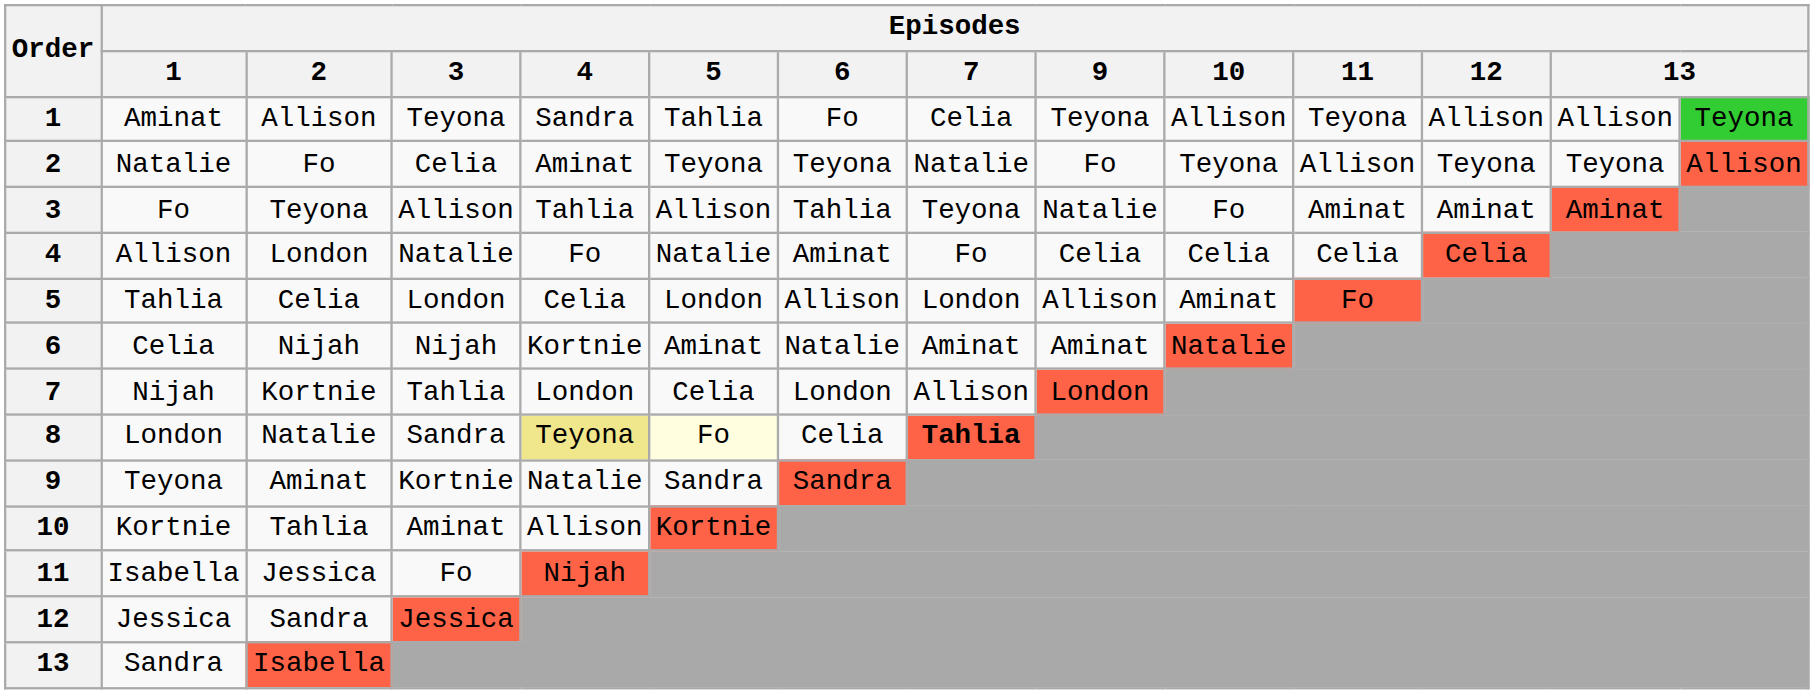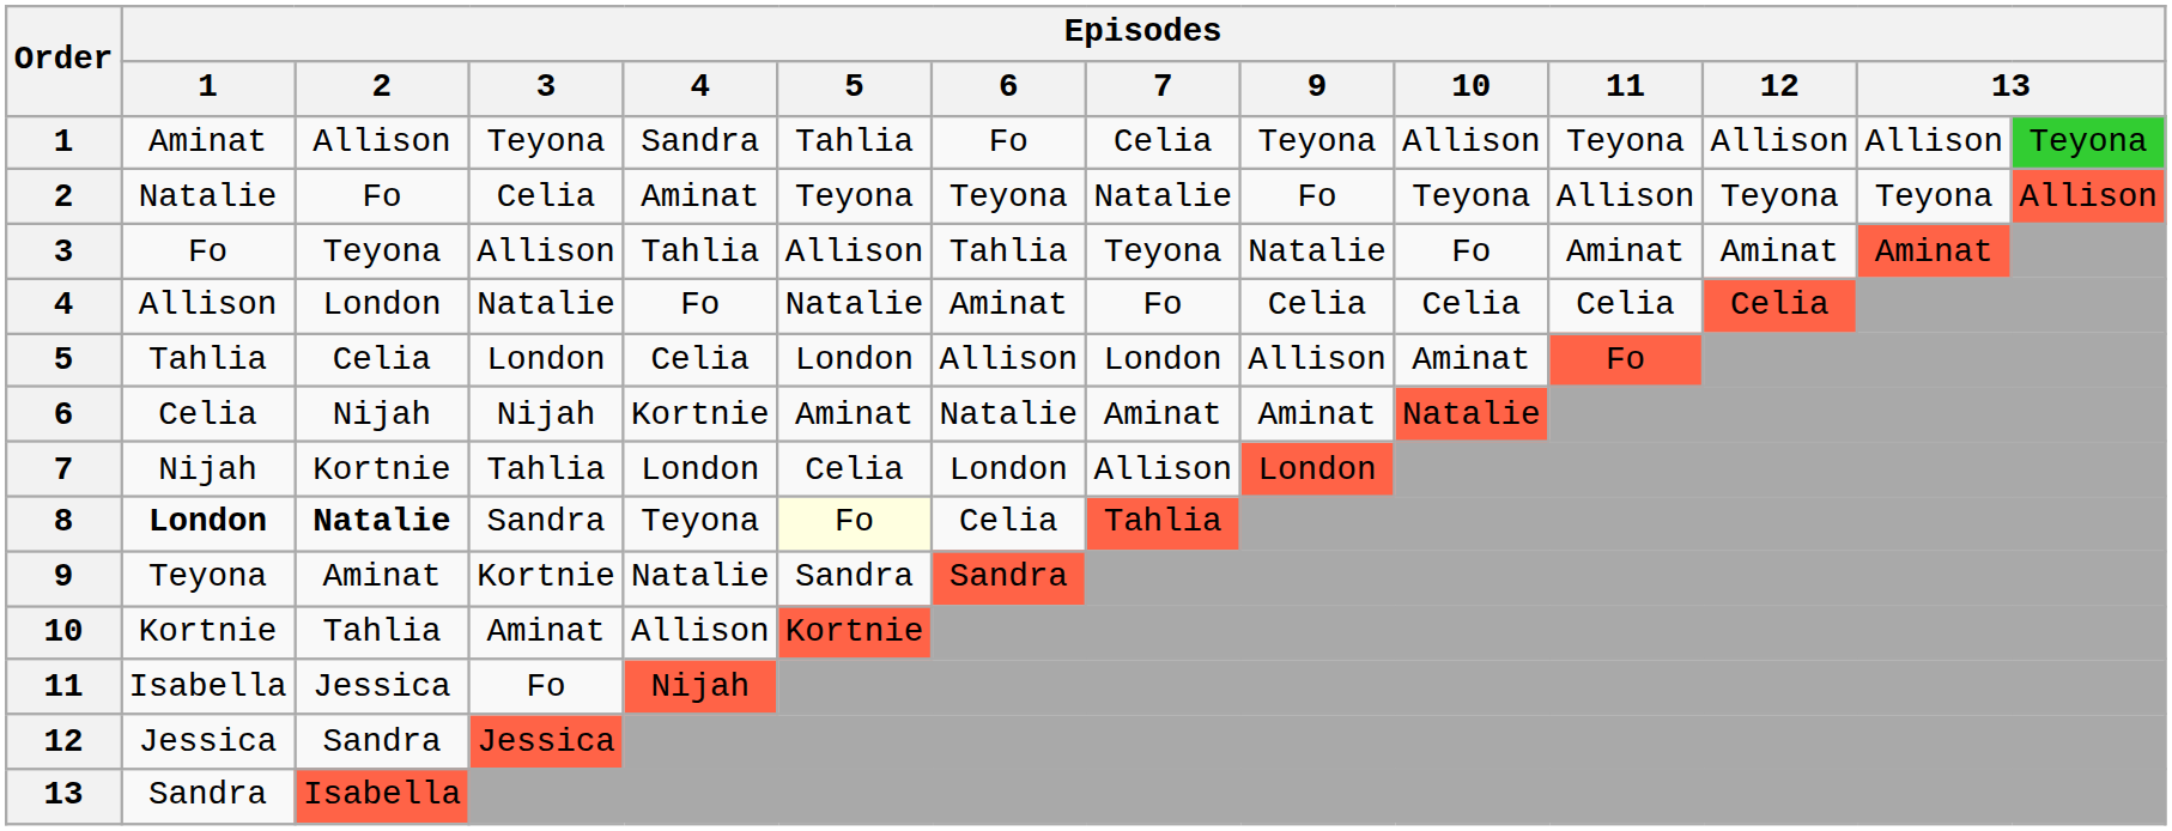 <table class="wikitable" style="text-align:center; font-size:92%">
 <tr>
 <th rowspan=2>Order</th>
 <th colspan=13>Episodes</th>
 </tr>
 <tr>
 <th>1</th>
 <th>2</th>
 <th>3</th>
 <th>4</th>
 <th>5</th>
 <th>6</th>
 <th>7</th>
 <th>9</th>
 <th>10</th>
 <th>11</th>
 <th>12</th>
 <th colspan=2>13</th>
 </tr>
 <tr>
 <th>1</th>
 <td>Aminat</td>
 <td>Allison</td>
 <td>Teyona</td>
 <td>Sandra</td>
 <td>Tahlia</td>
 <td>Fo</td>
 <td>Celia</td>
 <td>Teyona</td>
 <td>Allison</td>
 <td>Teyona</td>
 <td>Allison</td>
 <td>Allison</td>
 <td style="background:limegreen;">Teyona</td>
 </tr>
 <tr>
 <th>2</th>
 <td>Natalie</td>
 <td>Fo</td>
 <td>Celia</td>
 <td>Aminat</td>
 <td>Teyona</td>
 <td>Teyona</td>
 <td>Natalie</td>
 <td>Fo</td>
 <td>Teyona</td>
 <td>Allison</td>
 <td>Teyona</td>
 <td>Teyona</td>
 <td style="background:tomato;">Allison</td>
 </tr>
 <tr>
 <th>3</th>
 <td>Fo</td>
 <td>Teyona</td>
 <td>Allison</td>
 <td>Tahlia</td>
 <td>Allison</td>
 <td>Tahlia</td>
 <td>Teyona</td>
 <td>Natalie</td>
 <td>Fo</td>
 <td>Aminat</td>
 <td>Aminat</td>
 <td style="background:tomato;">Aminat</td>
 <td style="background:darkgrey;" colspan="1"></td>
 </tr>
 <tr>
 <th>4</th>
 <td>Allison</td>
 <td>London</td>
 <td>Natalie</td>
 <td>Fo</td>
 <td>Natalie</td>
 <td>Aminat</td>
 <td>Fo</td>
 <td>Celia</td>
 <td>Celia</td>
 <td>Celia</td>
 <td style="background:tomato;">Celia</td>
 <td style="background:darkgrey;" colspan="2"></td>
 </tr>
 <tr>
 <th>5</th>
 <td>Tahlia</td>
 <td>Celia</td>
 <td>London</td>
 <td>Celia</td>
 <td>London</td>
 <td>Allison</td>
 <td>London</td>
 <td>Allison</td>
 <td>Aminat</td>
 <td style="background:tomato;">Fo</td>
 <td style="background:darkgrey;" colspan="3"></td>
 </tr>
 <tr>
 <th>6</th>
 <td>Celia</td>
 <td>Nijah</td>
 <td>Nijah</td>
 <td>Kortnie</td>
 <td>Aminat</td>
 <td>Natalie</td>
 <td>Aminat</td>
 <td>Aminat</td>
 <td style="background:tomato;">Natalie</td>
 <td style="background:darkgrey;" colspan="4"></td>
 </tr>
 <tr>
 <th>7</th>
 <td>Nijah</td>
 <td>Kortnie</td>
 <td>Tahlia</td>
 <td>London</td>
 <td>Celia</td>
 <td>London</td>
 <td>Allison</td>
 <td style="background:tomato;">London</td>
 <td style="background:darkgrey;" colspan="5"></td>
 </tr>
 <tr>
 <th>8</th>
-<td>London</td>
-<td>Natalie</td>
+<td><strong>London</strong></td>
+<td><strong>Natalie</strong></td>
 <td>Sandra</td>
-<td style="background: khaki;">Teyona</td>
+<td>Teyona</td>
 <td style="background: lightyellow;">Fo</td>
 <td>Celia</td>
-<td style="background:tomato;"><strong>Tahlia</strong></td>
+<td style="background:tomato;">Tahlia</td>
 <td style="background:darkgrey;" colspan="6"></td>
 </tr>
 <tr>
 <th>9</th>
 <td>Teyona</td>
 <td>Aminat</td>
 <td>Kortnie</td>
 <td>Natalie</td>
 <td>Sandra</td>
 <td style="background:tomato;">Sandra</td>
 <td style="background:darkgrey;" colspan="7"></td>
 </tr>
 <tr>
 <th>10</th>
 <td>Kortnie</td>
 <td>Tahlia</td>
 <td>Aminat</td>
 <td>Allison</td>
 <td style="background:tomato;">Kortnie</td>
 <td style="background:darkgrey;" colspan="8"></td>
 </tr>
 <tr>
 <th>11</th>
 <td>Isabella</td>
 <td>Jessica</td>
 <td>Fo</td>
 <td style="background:tomato;">Nijah</td>
 <td style="background:darkgrey;" colspan="9"></td>
 </tr>
 <tr>
 <th>12</th>
 <td>Jessica</td>
 <td>Sandra</td>
 <td style="background:tomato;">Jessica</td>
 <td style="background:darkgrey;" colspan="10"></td>
 </tr>
 <tr>
 <th>13</th>
 <td>Sandra</td>
 <td style="background:tomato;">Isabella</td>
 <td style="background:darkgrey;" colspan="11"></td>
 </tr>
 </table>
